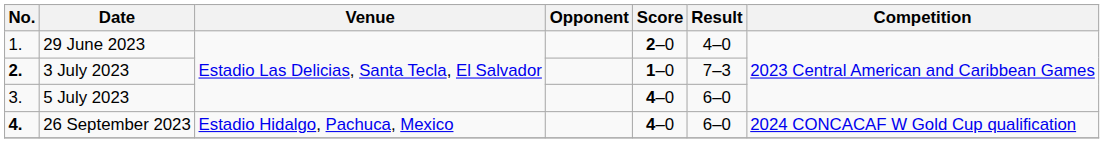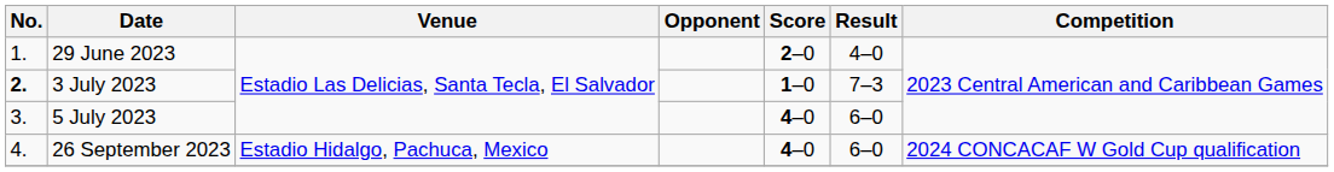 <table class="wikitable">
 <tr>
 <th>No.</th>
 <th>Date</th>
 <th>Venue</th>
 <th>Opponent</th>
 <th>Score</th>
 <th>Result</th>
 <th>Competition</th>
 </tr>
 <tr>
 <td>1.</td>
 <td>29 June 2023</td>
 <td rowspan=3><a href='#'>Estadio Las Delicias</a>, <a href='#'>Santa Tecla</a>, <a href='#'>El Salvador</a></td>
 <td></td>
 <td align=center><strong>2</strong>–0</td>
 <td align=center>4–0</td>
 <td rowspan=3><a href='#'>2023 Central American and Caribbean Games</a></td>
 </tr>
 <tr>
 <td><strong>2.</strong></td>
 <td>3 July 2023</td>
 <td></td>
 <td align=center><strong>1</strong>–0</td>
 <td align=center>7–3</td>
 </tr>
 <tr>
 <td>3.</td>
 <td>5 July 2023</td>
 <td></td>
 <td align=center><strong>4</strong>–0</td>
 <td align=center>6–0</td>
 </tr>
 <tr>
-<td><strong>4.</strong></td>
+<td>4.</td>
 <td>26 September 2023</td>
 <td><a href='#'>Estadio Hidalgo</a>, <a href='#'>Pachuca</a>, <a href='#'>Mexico</a></td>
 <td></td>
 <td align=center><strong>4</strong>–0</td>
 <td align=center>6–0</td>
 <td><a href='#'>2024 CONCACAF W Gold Cup qualification</a></td>
 </tr>
 <tr>
 </tr>
 </table>
